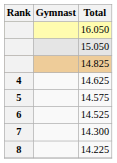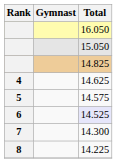 <table class="wikitable sortable" style="text-align:center; font-size:95%">
 <tr>
 <th scope=col>Rank</th>
 <th scope=col>Gymnast</th>
 <th scope=col>Total</th>
 </tr>
 <tr bgcolor=fffcaf>
 <th scope=row style="text-align:center"></th>
 <td align=left></td>
 <td>16.050</td>
 </tr>
 <tr bgcolor=e5e5e5>
 <th scope=row style="text-align:center"></th>
 <td align=left></td>
 <td>15.050</td>
 </tr>
 <tr bgcolor=eecc99>
 <th scope=row style="text-align:center"></th>
 <td align=left></td>
 <td>14.825</td>
 </tr>
 <tr>
 <th scope=row style="text-align:center">4</th>
 <td align=left></td>
 <td>14.625</td>
 </tr>
 <tr>
 <th scope=row style="text-align:center">5</th>
 <td align=left></td>
 <td>14.575</td>
 </tr>
 <tr>
 <th scope=row style="text-align:center">6</th>
 <td align=left></td>
-<td>14.525</td>
+<td style="background: lavender;">14.525</td>
 </tr>
 <tr>
 <th scope=row style="text-align:center">7</th>
 <td align=left></td>
 <td>14.300</td>
 </tr>
 <tr>
 <th scope=row style="text-align:center">8</th>
 <td align=left></td>
 <td>14.225</td>
 </tr>
 <tr>
 </tr>
 </table>
